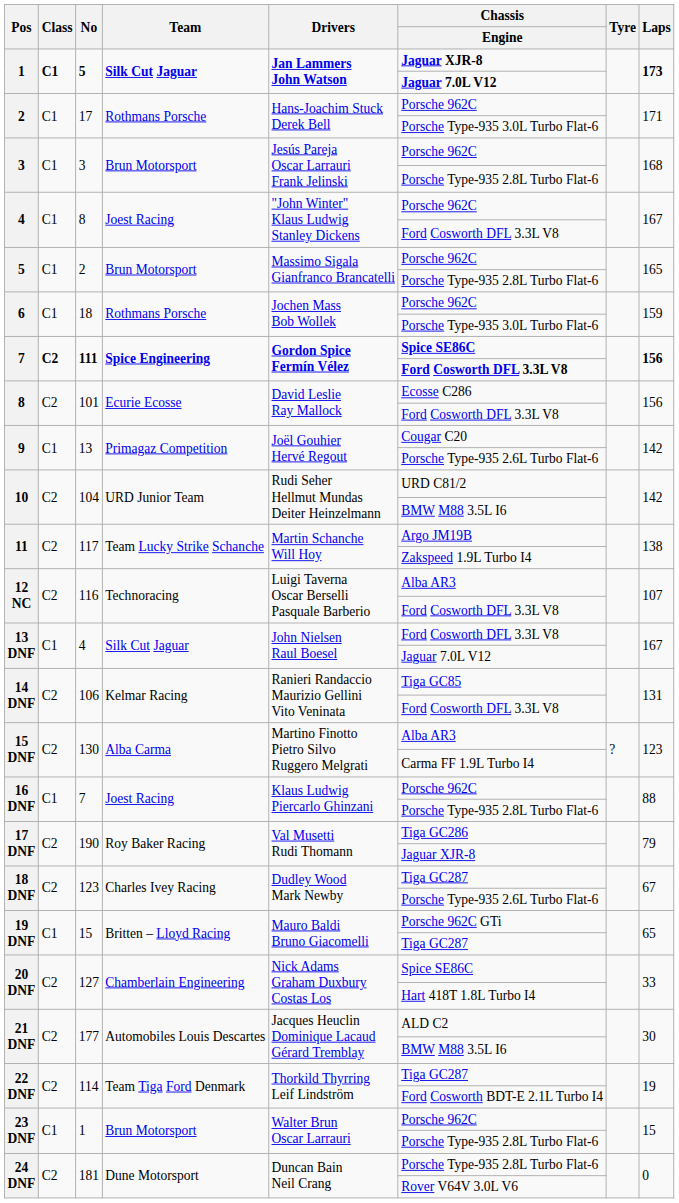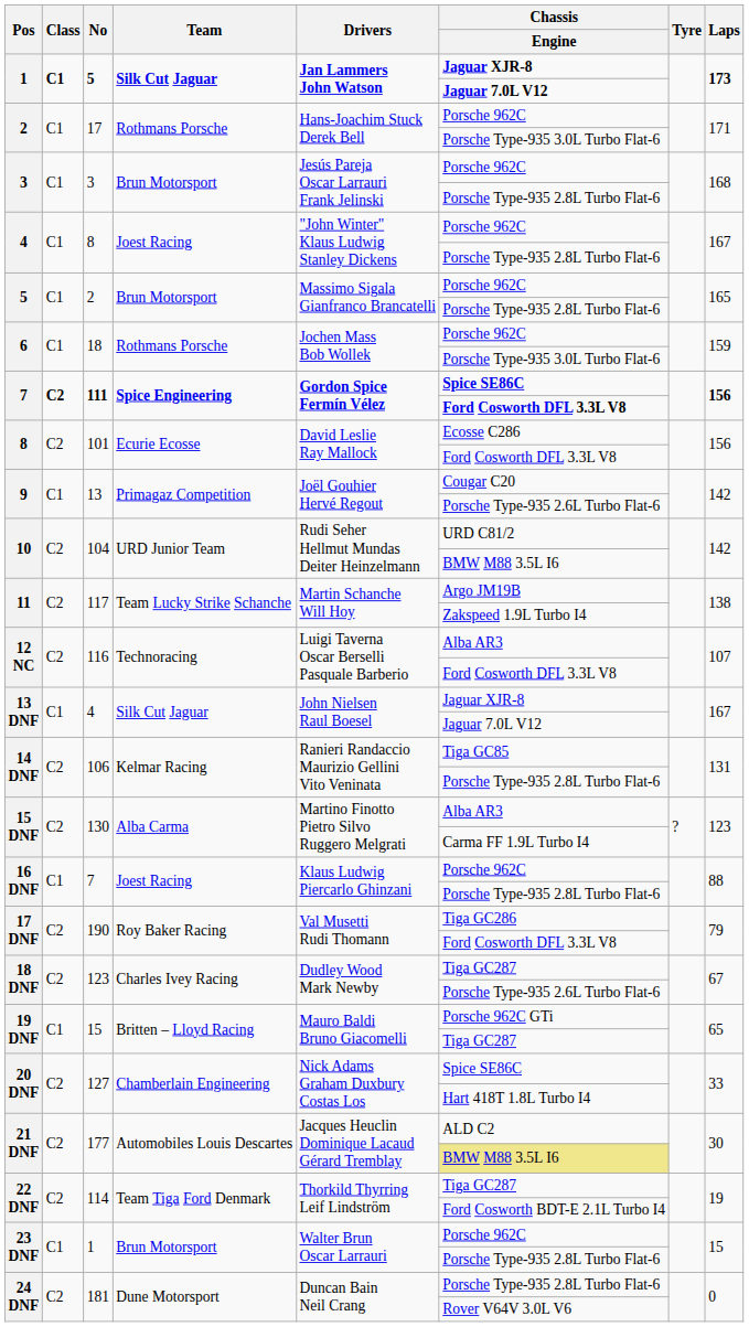 <table class="wikitable" style="font-size: 95%;">
 <tr>
 <th rowspan=2>Pos</th>
 <th rowspan=2>Class</th>
 <th rowspan=2>No</th>
 <th rowspan=2>Team</th>
 <th rowspan=2>Drivers</th>
 <th>Chassis</th>
 <th rowspan=2>Tyre</th>
 <th rowspan=2>Laps</th>
 </tr>
 <tr>
 <th>Engine</th>
 </tr>
 <tr style="font-weight:bold">
 <th rowspan=2>1</th>
 <td rowspan=2>C1</td>
 <td rowspan=2>5</td>
 <td rowspan=2> <a href='#'>Silk Cut</a> <a href='#'>Jaguar</a></td>
 <td rowspan=2> <a href='#'>Jan Lammers</a><br> <a href='#'>John Watson</a></td>
 <td><a href='#'>Jaguar</a> XJR-8</td>
 <td rowspan=2></td>
 <td rowspan=2>173</td>
 </tr>
 <tr style="font-weight:bold">
 <td><a href='#'>Jaguar</a> 7.0L V12</td>
 </tr>
 <tr>
 <th rowspan=2>2</th>
 <td rowspan=2>C1</td>
 <td rowspan=2>17</td>
 <td rowspan=2> <a href='#'>Rothmans Porsche</a></td>
 <td rowspan=2> <a href='#'>Hans-Joachim Stuck</a><br> <a href='#'>Derek Bell</a></td>
 <td><a href='#'>Porsche 962C</a></td>
 <td rowspan=2></td>
 <td rowspan=2>171</td>
 </tr>
 <tr>
 <td><a href='#'>Porsche</a> Type-935 3.0L Turbo Flat-6</td>
 </tr>
 <tr>
 <th rowspan=2>3</th>
 <td rowspan=2>C1</td>
 <td rowspan=2>3</td>
 <td rowspan=2> <a href='#'>Brun Motorsport</a></td>
 <td rowspan=2> <a href='#'>Jesús Pareja</a><br> <a href='#'>Oscar Larrauri</a><br> <a href='#'>Frank Jelinski</a></td>
 <td><a href='#'>Porsche 962C</a></td>
 <td rowspan=2></td>
 <td rowspan=2>168</td>
 </tr>
 <tr>
 <td><a href='#'>Porsche</a> Type-935 2.8L Turbo Flat-6</td>
 </tr>
 <tr>
 <th rowspan=2>4</th>
 <td rowspan=2>C1</td>
 <td rowspan=2>8</td>
 <td rowspan=2> <a href='#'>Joest Racing</a></td>
 <td rowspan=2> <a href='#'>"John Winter"</a><br> <a href='#'>Klaus Ludwig</a><br> <a href='#'>Stanley Dickens</a></td>
 <td><a href='#'>Porsche 962C</a></td>
 <td rowspan=2></td>
 <td rowspan=2>167</td>
 </tr>
 <tr>
-<td><a href='#'>Ford</a> <a href='#'>Cosworth DFL</a> 3.3L V8</td>
+<td><a href='#'>Porsche</a> Type-935 2.8L Turbo Flat-6</td>
 </tr>
 <tr>
 <th rowspan=2>5</th>
 <td rowspan=2>C1</td>
 <td rowspan=2>2</td>
 <td rowspan=2> <a href='#'>Brun Motorsport</a></td>
 <td rowspan=2> <a href='#'>Massimo Sigala</a><br> <a href='#'>Gianfranco Brancatelli</a></td>
 <td><a href='#'>Porsche 962C</a></td>
 <td rowspan=2></td>
 <td rowspan=2>165</td>
 </tr>
 <tr>
 <td><a href='#'>Porsche</a> Type-935 2.8L Turbo Flat-6</td>
 </tr>
 <tr>
 <th rowspan=2>6</th>
 <td rowspan=2>C1</td>
 <td rowspan=2>18</td>
 <td rowspan=2> <a href='#'>Rothmans Porsche</a></td>
 <td rowspan=2> <a href='#'>Jochen Mass</a><br> <a href='#'>Bob Wollek</a></td>
 <td><a href='#'>Porsche 962C</a></td>
 <td rowspan=2></td>
 <td rowspan=2>159</td>
 </tr>
 <tr>
 <td><a href='#'>Porsche</a> Type-935 3.0L Turbo Flat-6</td>
 </tr>
 <tr style="font-weight:bold">
 <th rowspan=2>7</th>
 <td rowspan=2>C2</td>
 <td rowspan=2>111</td>
 <td rowspan=2> <a href='#'>Spice Engineering</a></td>
 <td rowspan=2> <a href='#'>Gordon Spice</a><br> <a href='#'>Fermín Vélez</a></td>
 <td><a href='#'>Spice SE86C</a></td>
 <td rowspan=2></td>
 <td rowspan=2>156</td>
 </tr>
 <tr style="font-weight:bold">
 <td><a href='#'>Ford</a> <a href='#'>Cosworth DFL</a> 3.3L V8</td>
 </tr>
 <tr>
 <th rowspan=2>8</th>
 <td rowspan=2>C2</td>
 <td rowspan=2>101</td>
 <td rowspan=2> <a href='#'>Ecurie Ecosse</a></td>
 <td rowspan=2> <a href='#'>David Leslie</a><br> <a href='#'>Ray Mallock</a></td>
 <td><a href='#'>Ecosse</a> C286</td>
 <td rowspan=2></td>
 <td rowspan=2>156</td>
 </tr>
 <tr>
 <td><a href='#'>Ford</a> <a href='#'>Cosworth DFL</a> 3.3L V8</td>
 </tr>
 <tr>
 <th rowspan=2>9</th>
 <td rowspan=2>C1</td>
 <td rowspan=2>13</td>
 <td rowspan=2> <a href='#'>Primagaz Competition</a></td>
 <td rowspan=2> <a href='#'>Joël Gouhier</a><br> <a href='#'>Hervé Regout</a></td>
 <td><a href='#'>Cougar</a> C20</td>
 <td rowspan=2></td>
 <td rowspan=2>142</td>
 </tr>
 <tr>
 <td><a href='#'>Porsche</a> Type-935 2.6L Turbo Flat-6</td>
 </tr>
 <tr>
 <th rowspan=2>10</th>
 <td rowspan=2>C2</td>
 <td rowspan=2>104</td>
 <td rowspan=2> URD Junior Team</td>
 <td rowspan=2> Rudi Seher<br> Hellmut Mundas<br> Deiter Heinzelmann</td>
 <td>URD C81/2</td>
 <td rowspan=2></td>
 <td rowspan=2>142</td>
 </tr>
 <tr>
 <td><a href='#'>BMW</a> <a href='#'>M88</a> 3.5L I6</td>
 </tr>
 <tr>
 <th rowspan=2>11</th>
 <td rowspan=2>C2</td>
 <td rowspan=2>117</td>
 <td rowspan=2> Team <a href='#'>Lucky Strike</a> <a href='#'>Schanche</a></td>
 <td rowspan=2> <a href='#'>Martin Schanche</a><br> <a href='#'>Will Hoy</a></td>
 <td><a href='#'>Argo JM19B</a></td>
 <td rowspan=2></td>
 <td rowspan=2>138</td>
 </tr>
 <tr>
 <td><a href='#'>Zakspeed</a> 1.9L Turbo I4</td>
 </tr>
 <tr>
 <th rowspan=2>12<br>NC</th>
 <td rowspan=2>C2</td>
 <td rowspan=2>116</td>
 <td rowspan=2> Technoracing</td>
 <td rowspan=2> Luigi Taverna<br> Oscar Berselli<br> Pasquale Barberio</td>
 <td><a href='#'>Alba AR3</a></td>
 <td rowspan=2></td>
 <td rowspan=2>107</td>
 </tr>
 <tr>
 <td><a href='#'>Ford</a> <a href='#'>Cosworth DFL</a> 3.3L V8</td>
 </tr>
 <tr>
 <th rowspan=2>13<br>DNF</th>
 <td rowspan=2>C1</td>
 <td rowspan=2>4</td>
 <td rowspan=2> <a href='#'>Silk Cut</a> <a href='#'>Jaguar</a></td>
 <td rowspan=2> <a href='#'>John Nielsen</a><br> <a href='#'>Raul Boesel</a></td>
-<td><a href='#'>Ford</a> <a href='#'>Cosworth DFL</a> 3.3L V8</td>
+<td><a href='#'>Jaguar XJR-8</a></td>
 <td rowspan=2></td>
 <td rowspan=2>167</td>
 </tr>
 <tr>
 <td><a href='#'>Jaguar</a> 7.0L V12</td>
 </tr>
 <tr>
 <th rowspan=2>14<br>DNF</th>
 <td rowspan=2>C2</td>
 <td rowspan=2>106</td>
 <td rowspan=2> Kelmar Racing</td>
 <td rowspan=2> Ranieri Randaccio<br> Maurizio Gellini<br> Vito Veninata</td>
 <td><a href='#'>Tiga GC85</a></td>
 <td rowspan=2></td>
 <td rowspan=2>131</td>
 </tr>
 <tr>
-<td><a href='#'>Ford</a> <a href='#'>Cosworth DFL</a> 3.3L V8</td>
+<td><a href='#'>Porsche</a> Type-935 2.8L Turbo Flat-6</td>
 </tr>
 <tr>
 <th rowspan=2>15<br>DNF</th>
 <td rowspan=2>C2</td>
 <td rowspan=2>130</td>
 <td rowspan=2> <a href='#'>Alba Carma</a></td>
 <td rowspan=2> Martino Finotto<br> Pietro Silvo<br> Ruggero Melgrati</td>
 <td><a href='#'>Alba AR3</a></td>
 <td rowspan=2>?</td>
 <td rowspan=2>123</td>
 </tr>
 <tr>
 <td>Carma FF 1.9L Turbo I4</td>
 </tr>
 <tr>
 <th rowspan=2>16<br>DNF</th>
 <td rowspan=2>C1</td>
 <td rowspan=2>7</td>
 <td rowspan=2> <a href='#'>Joest Racing</a></td>
 <td rowspan=2> <a href='#'>Klaus Ludwig</a><br> <a href='#'>Piercarlo Ghinzani</a></td>
 <td><a href='#'>Porsche 962C</a></td>
 <td rowspan=2></td>
 <td rowspan=2>88</td>
 </tr>
 <tr>
 <td><a href='#'>Porsche</a> Type-935 2.8L Turbo Flat-6</td>
 </tr>
 <tr>
 <th rowspan=2>17<br>DNF</th>
 <td rowspan=2>C2</td>
 <td rowspan=2>190</td>
 <td rowspan=2> Roy Baker Racing</td>
 <td rowspan=2> <a href='#'>Val Musetti</a><br> Rudi Thomann</td>
 <td><a href='#'>Tiga GC286</a></td>
 <td rowspan=2></td>
 <td rowspan=2>79</td>
 </tr>
 <tr>
-<td><a href='#'>Jaguar XJR-8</a></td>
+<td><a href='#'>Ford</a> <a href='#'>Cosworth DFL</a> 3.3L V8</td>
 </tr>
 <tr>
 <th rowspan=2>18<br>DNF</th>
 <td rowspan=2>C2</td>
 <td rowspan=2>123</td>
 <td rowspan=2> Charles Ivey Racing</td>
 <td rowspan=2> <a href='#'>Dudley Wood</a><br> Mark Newby</td>
 <td><a href='#'>Tiga GC287</a></td>
 <td rowspan=2></td>
 <td rowspan=2>67</td>
 </tr>
 <tr>
 <td><a href='#'>Porsche</a> Type-935 2.6L Turbo Flat-6</td>
 </tr>
 <tr>
 <th rowspan=2>19<br>DNF</th>
 <td rowspan=2>C1</td>
 <td rowspan=2>15</td>
 <td rowspan=2> Britten – <a href='#'>Lloyd Racing</a></td>
 <td rowspan=2> <a href='#'>Mauro Baldi</a><br> <a href='#'>Bruno Giacomelli</a></td>
 <td><a href='#'>Porsche 962C</a> GTi</td>
 <td rowspan=2></td>
 <td rowspan=2>65</td>
 </tr>
 <tr>
 <td><a href='#'>Tiga GC287</a></td>
 </tr>
 <tr>
 <th rowspan=2>20<br>DNF</th>
 <td rowspan=2>C2</td>
 <td rowspan=2>127</td>
 <td rowspan=2> <a href='#'>Chamberlain Engineering</a></td>
 <td rowspan=2> <a href='#'>Nick Adams</a><br> <a href='#'>Graham Duxbury</a><br> <a href='#'>Costas Los</a></td>
 <td><a href='#'>Spice SE86C</a></td>
 <td rowspan=2></td>
 <td rowspan=2>33</td>
 </tr>
 <tr>
 <td><a href='#'>Hart</a> 418T 1.8L Turbo I4</td>
 </tr>
 <tr>
 <th rowspan=2>21<br>DNF</th>
 <td rowspan=2>C2</td>
 <td rowspan=2>177</td>
 <td rowspan=2> Automobiles Louis Descartes</td>
 <td rowspan=2> Jacques Heuclin<br> <a href='#'>Dominique Lacaud</a><br> <a href='#'>Gérard Tremblay</a></td>
 <td>ALD C2</td>
 <td rowspan=2></td>
 <td rowspan=2>30</td>
 </tr>
 <tr>
-<td><a href='#'>BMW</a> <a href='#'>M88</a> 3.5L I6</td>
+<td style="background: khaki;"><a href='#'>BMW</a> <a href='#'>M88</a> 3.5L I6</td>
 </tr>
 <tr>
 <th rowspan=2>22<br>DNF</th>
 <td rowspan=2>C2</td>
 <td rowspan=2>114</td>
 <td rowspan=2> Team <a href='#'>Tiga</a> <a href='#'>Ford</a> Denmark</td>
 <td rowspan=2> <a href='#'>Thorkild Thyrring</a><br> Leif Lindström</td>
 <td><a href='#'>Tiga GC287</a></td>
 <td rowspan=2></td>
 <td rowspan=2>19</td>
 </tr>
 <tr>
 <td><a href='#'>Ford</a> <a href='#'>Cosworth</a> BDT-E 2.1L Turbo I4</td>
 </tr>
 <tr>
 <th rowspan=2>23<br>DNF</th>
 <td rowspan=2>C1</td>
 <td rowspan=2>1</td>
 <td rowspan=2> <a href='#'>Brun Motorsport</a></td>
 <td rowspan=2> <a href='#'>Walter Brun</a><br> <a href='#'>Oscar Larrauri</a></td>
 <td><a href='#'>Porsche 962C</a></td>
 <td rowspan=2></td>
 <td rowspan=2>15</td>
 </tr>
 <tr>
 <td><a href='#'>Porsche</a> Type-935 2.8L Turbo Flat-6</td>
 </tr>
 <tr>
 <th rowspan=2>24<br>DNF</th>
 <td rowspan=2>C2</td>
 <td rowspan=2>181</td>
 <td rowspan=2> Dune Motorsport</td>
 <td rowspan=2> Duncan Bain<br> Neil Crang</td>
 <td><a href='#'>Porsche</a> Type-935 2.8L Turbo Flat-6</td>
 <td rowspan=2></td>
 <td rowspan=2>0</td>
 </tr>
 <tr>
 <td><a href='#'>Rover</a> V64V 3.0L V6</td>
 </tr>
 </table>
